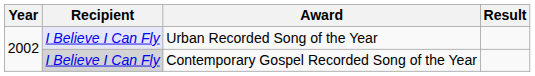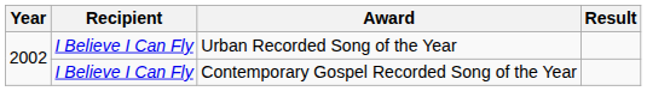 <table class="wikitable">
 <tr>
 <th>Year</th>
 <th>Recipient</th>
 <th>Award</th>
 <th>Result</th>
 </tr>
 <tr>
 <td rowspan="2">2002</td>
-<td style="background: lavender;"><em><a href='#'>I Believe I Can Fly</a></em></td>
+<td><em><a href='#'>I Believe I Can Fly</a></em></td>
 <td>Urban Recorded Song of the Year</td>
 <td></td>
 </tr>
 <tr>
-<td style="background: lightgrey;"><em><a href='#'>I Believe I Can Fly</a></em></td>
+<td><em><a href='#'>I Believe I Can Fly</a></em></td>
 <td>Contemporary Gospel Recorded Song of the Year</td>
 <td></td>
 </tr>
 </table>
